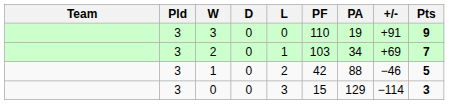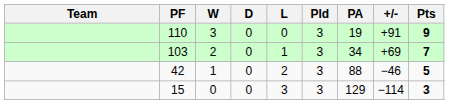 <table class="wikitable" style="text-align: center;">
 <tr>
 <th width="200">Team</th>
-<th width="40">Pld</th>
+<th width="40">PF</th>
 <th width="40">W</th>
 <th width="40">D</th>
 <th width="40">L</th>
-<th width="40">PF</th>
+<th width="40">Pld</th>
 <th width="40">PA</th>
 <th width="40">+/-</th>
 <th width="40">Pts</th>
 </tr>
 <tr bgcolor=ccffcc>
 <td align=left></td>
-<td>3</td>
+<td>110</td>
 <td>3</td>
 <td>0</td>
 <td>0</td>
-<td>110</td>
+<td>3</td>
 <td>19</td>
 <td>+91</td>
 <td><strong>9</strong></td>
 </tr>
 <tr bgcolor=ccffcc>
 <td align=left></td>
-<td>3</td>
+<td>103</td>
 <td>2</td>
 <td>0</td>
 <td>1</td>
-<td>103</td>
+<td>3</td>
 <td>34</td>
 <td>+69</td>
 <td><strong>7</strong></td>
 </tr>
 <tr>
 <td align=left></td>
-<td>3</td>
+<td>42</td>
 <td>1</td>
 <td>0</td>
 <td>2</td>
-<td>42</td>
+<td>3</td>
 <td>88</td>
 <td>−46</td>
 <td><strong>5</strong></td>
 </tr>
 <tr>
 <td align=left></td>
-<td>3</td>
+<td>15</td>
 <td>0</td>
 <td>0</td>
 <td>3</td>
-<td>15</td>
+<td>3</td>
 <td>129</td>
 <td>−114</td>
 <td><strong>3</strong></td>
 </tr>
 </table>
